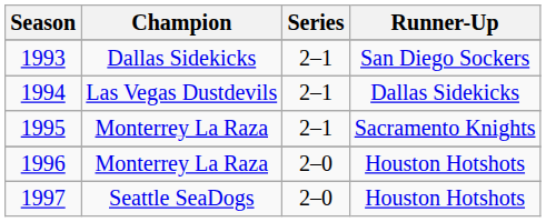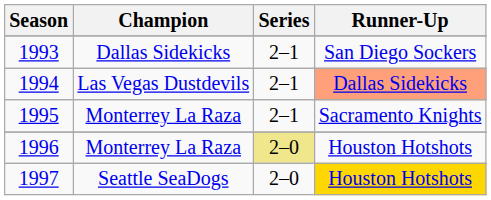 <table class="wikitable">
 <tr>
 <th>Season</th>
 <th>Champion</th>
 <th>Series</th>
 <th>Runner-Up</th>
 </tr>
 <tr>
 </tr>
 <tr style="text-align: center;">
 <td><a href='#'>1993</a></td>
 <td><a href='#'>Dallas Sidekicks</a></td>
 <td>2–1</td>
 <td><a href='#'>San Diego Sockers</a></td>
 </tr>
 <tr>
 </tr>
 <tr style="text-align: center;">
 <td><a href='#'>1994</a></td>
 <td><a href='#'>Las Vegas Dustdevils</a></td>
 <td>2–1</td>
-<td><a href='#'>Dallas Sidekicks</a></td>
+<td style="background: lightsalmon;"><a href='#'>Dallas Sidekicks</a></td>
 </tr>
 <tr>
 </tr>
 <tr style="text-align: center;">
 <td><a href='#'>1995</a></td>
 <td><a href='#'>Monterrey La Raza</a></td>
 <td>2–1</td>
 <td><a href='#'>Sacramento Knights</a></td>
 </tr>
 <tr>
 </tr>
 <tr style="text-align: center;">
 <td><a href='#'>1996</a></td>
 <td><a href='#'>Monterrey La Raza</a></td>
-<td>2–0</td>
+<td style="background: khaki;">2–0</td>
 <td><a href='#'>Houston Hotshots</a></td>
 </tr>
 <tr>
 </tr>
 <tr style="text-align: center;">
 <td><a href='#'>1997</a></td>
 <td><a href='#'>Seattle SeaDogs</a></td>
 <td>2–0</td>
-<td><a href='#'>Houston Hotshots</a></td>
+<td style="background: gold;"><a href='#'>Houston Hotshots</a></td>
 </tr>
 </table>
